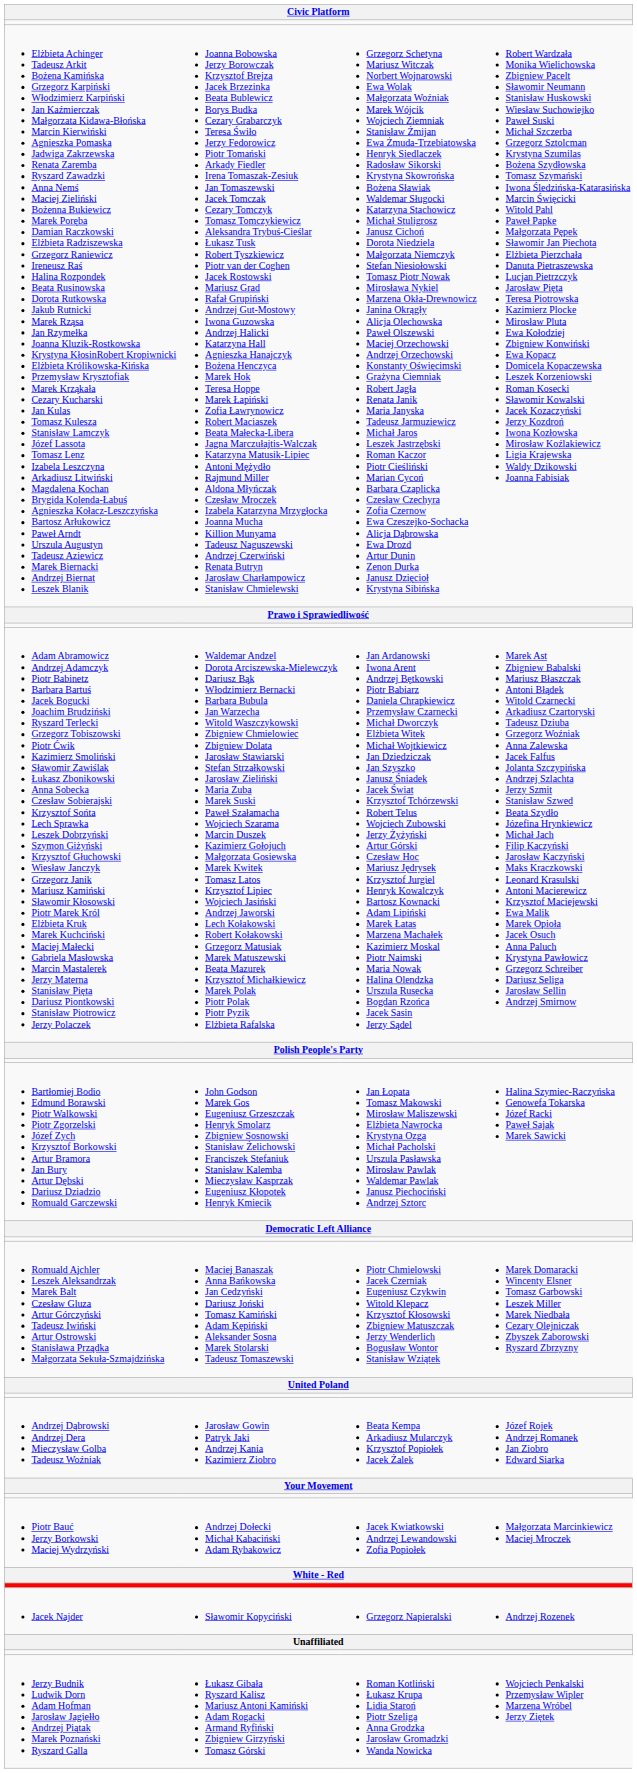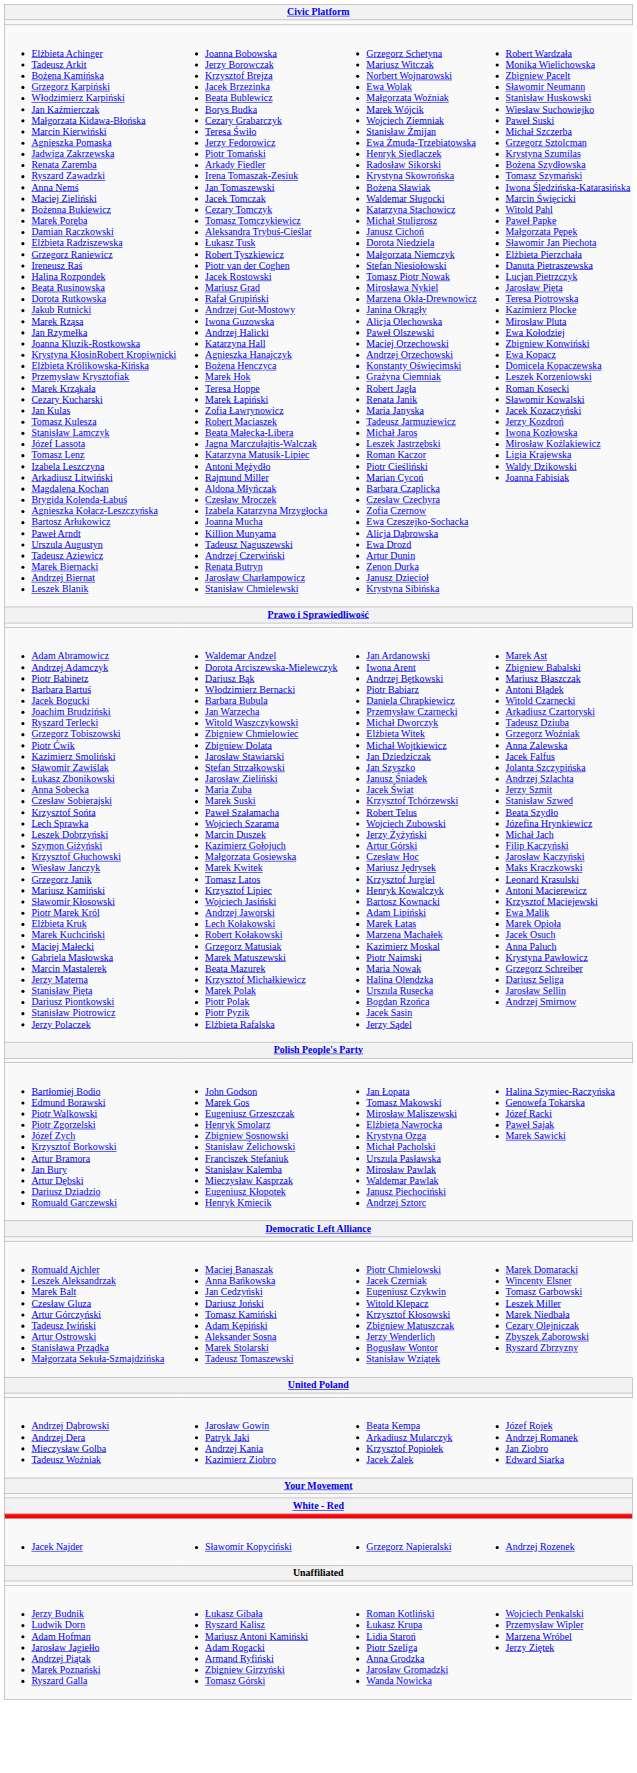 <table class="wikitable">
 <tr>
 <th colspan=4><strong><a href='#'>Civic Platform</a></strong></th>
 </tr>
 <tr>
 <td colspan=4 style="background:"></td>
 </tr>
 <tr>
 <td style="border-right-style:hidden; vertical-align:top"><br><ul><li><a href='#'>Elżbieta Achinger</a></li><li><a href='#'>Tadeusz Arkit</a></li><li><a href='#'>Bożena Kamińska</a></li><li><a href='#'>Grzegorz Karpiński</a></li><li><a href='#'>Włodzimierz Karpiński</a></li><li><a href='#'>Jan Kaźmierczak</a></li><li><a href='#'>Małgorzata Kidawa-Błońska</a></li><li><a href='#'>Marcin Kierwiński</a></li><li><a href='#'>Agnieszka Pomaska</a></li><li><a href='#'>Jadwiga Zakrzewska</a></li><li><a href='#'>Renata Zaremba</a></li><li><a href='#'>Ryszard Zawadzki</a></li><li><a href='#'>Anna Nemś</a></li><li><a href='#'>Maciej Zieliński</a></li><li><a href='#'>Bożenna Bukiewicz</a></li><li><a href='#'>Marek Poręba</a></li><li><a href='#'>Damian Raczkowski</a></li><li><a href='#'>Elżbieta Radziszewska</a></li><li><a href='#'>Grzegorz Raniewicz</a></li><li><a href='#'>Ireneusz Raś</a></li><li><a href='#'>Halina Rozpondek</a></li><li><a href='#'>Beata Rusinowska</a></li><li><a href='#'>Dorota Rutkowska</a></li><li><a href='#'>Jakub Rutnicki</a></li><li><a href='#'>Marek Rząsa</a></li><li><a href='#'>Jan Rzymełka</a></li><li><a href='#'>Joanna Kluzik-Rostkowska</a></li><li><a href='#'>Krystyna Kłosin</a><a href='#'>Robert Kropiwnicki</a></li><li><a href='#'>Elżbieta Królikowska-Kińska</a></li><li><a href='#'>Przemysław Krysztofiak</a></li><li><a href='#'>Marek Krząkała</a></li><li><a href='#'>Cezary Kucharski</a></li><li><a href='#'>Jan Kulas</a></li><li><a href='#'>Tomasz Kulesza</a></li><li><a href='#'>Stanisław Lamczyk</a></li><li><a href='#'>Józef Lassota</a></li><li><a href='#'>Tomasz Lenz</a></li><li><a href='#'>Izabela Leszczyna</a></li><li><a href='#'>Arkadiusz Litwiński</a></li><li><a href='#'>Magdalena Kochan</a></li><li><a href='#'>Brygida Kolenda-Łabuś</a></li><li><a href='#'>Agnieszka Kołacz-Leszczyńska</a></li><li><a href='#'>Bartosz Arłukowicz</a></li><li><a href='#'>Paweł Arndt</a></li><li><a href='#'>Urszula Augustyn</a></li><li><a href='#'>Tadeusz Aziewicz</a></li><li><a href='#'>Marek Biernacki</a></li><li><a href='#'>Andrzej Biernat</a></li><li><a href='#'>Leszek Blanik</a></li></ul></td>
 <td style="border-right-style:hidden; vertical-align:top"><br><ul><li><a href='#'>Joanna Bobowska</a></li><li><a href='#'>Jerzy Borowczak</a></li><li><a href='#'>Krzysztof Brejza</a></li><li><a href='#'>Jacek Brzezinka</a></li><li><a href='#'>Beata Bublewicz</a></li><li><a href='#'>Borys Budka</a></li><li><a href='#'>Cezary Grabarczyk</a></li><li><a href='#'>Teresa Świło</a></li><li><a href='#'>Jerzy Fedorowicz</a></li><li><a href='#'>Piotr Tomański</a></li><li><a href='#'>Arkady Fiedler</a></li><li><a href='#'>Irena Tomaszak-Zesiuk</a></li><li><a href='#'>Jan Tomaszewski</a></li><li><a href='#'>Jacek Tomczak</a></li><li><a href='#'>Cezary Tomczyk</a></li><li><a href='#'>Tomasz Tomczykiewicz</a></li><li><a href='#'>Aleksandra Trybuś-Cieślar</a></li><li><a href='#'>Łukasz Tusk</a></li><li><a href='#'>Robert Tyszkiewicz</a></li><li><a href='#'>Piotr van der Coghen</a></li><li><a href='#'>Jacek Rostowski</a></li><li><a href='#'>Mariusz Grad</a></li><li><a href='#'>Rafał Grupiński</a></li><li><a href='#'>Andrzej Gut-Mostowy</a></li><li><a href='#'>Iwona Guzowska</a></li><li><a href='#'>Andrzej Halicki</a></li><li><a href='#'>Katarzyna Hall</a></li><li><a href='#'>Agnieszka Hanajczyk</a></li><li><a href='#'>Bożena Henczyca</a></li><li><a href='#'>Marek Hok</a></li><li><a href='#'>Teresa Hoppe</a></li><li><a href='#'>Marek Łapiński</a></li><li><a href='#'>Zofia Ławrynowicz</a></li><li><a href='#'>Robert Maciaszek</a></li><li><a href='#'>Beata Małecka-Libera</a></li><li><a href='#'>Jagna Marczułajtis-Walczak</a></li><li><a href='#'>Katarzyna Matusik-Lipiec</a></li><li><a href='#'>Antoni Mężydło</a></li><li><a href='#'>Rajmund Miller</a></li><li><a href='#'>Aldona Młyńczak</a></li><li><a href='#'>Czesław Mroczek</a></li><li><a href='#'>Izabela Katarzyna Mrzygłocka</a></li><li><a href='#'>Joanna Mucha</a></li><li><a href='#'>Killion Munyama</a></li><li><a href='#'>Tadeusz Naguszewski</a></li><li><a href='#'>Andrzej Czerwiński</a></li><li><a href='#'>Renata Butryn</a></li><li><a href='#'>Jarosław Charłampowicz</a></li><li><a href='#'>Stanisław Chmielewski</a></li></ul></td>
 <td style="border-right-style:hidden; vertical-align:top"><br><ul><li><a href='#'>Grzegorz Schetyna</a></li><li><a href='#'>Mariusz Witczak</a></li><li><a href='#'>Norbert Wojnarowski</a></li><li><a href='#'>Ewa Wolak</a></li><li><a href='#'>Małgorzata Woźniak</a></li><li><a href='#'>Marek Wójcik</a></li><li><a href='#'>Wojciech Ziemniak</a></li><li><a href='#'>Stanisław Żmijan</a></li><li><a href='#'>Ewa Żmuda-Trzebiatowska</a></li><li><a href='#'>Henryk Siedlaczek</a></li><li><a href='#'>Radosław Sikorski</a></li><li><a href='#'>Krystyna Skowrońska</a></li><li><a href='#'>Bożena Sławiak</a></li><li><a href='#'>Waldemar Sługocki</a></li><li><a href='#'>Katarzyna Stachowicz</a></li><li><a href='#'>Michał Stuligrosz</a></li><li><a href='#'>Janusz Cichoń</a></li><li><a href='#'>Dorota Niedziela</a></li><li><a href='#'>Małgorzata Niemczyk</a></li><li><a href='#'>Stefan Niesiołowski</a></li><li><a href='#'>Tomasz Piotr Nowak</a></li><li><a href='#'>Mirosława Nykiel</a></li><li><a href='#'>Marzena Okła-Drewnowicz</a></li><li><a href='#'>Janina Okrągły</a></li><li><a href='#'>Alicja Olechowska</a></li><li><a href='#'>Paweł Olszewski</a></li><li><a href='#'>Maciej Orzechowski</a></li><li><a href='#'>Andrzej Orzechowski</a></li><li><a href='#'>Konstanty Oświęcimski</a></li><li><a href='#'>Grażyna Ciemniak</a></li><li><a href='#'>Robert Jagła</a></li><li><a href='#'>Renata Janik</a></li><li><a href='#'>Maria Janyska</a></li><li><a href='#'>Tadeusz Jarmuziewicz</a></li><li><a href='#'>Michał Jaros</a></li><li><a href='#'>Leszek Jastrzębski</a></li><li><a href='#'>Roman Kaczor</a></li><li><a href='#'>Piotr Cieśliński</a></li><li><a href='#'>Marian Cycoń</a></li><li><a href='#'>Barbara Czaplicka</a></li><li><a href='#'>Czesław Czechyra</a></li><li><a href='#'>Zofia Czernow</a></li><li><a href='#'>Ewa Czeszejko-Sochacka</a></li><li><a href='#'>Alicja Dąbrowska</a></li><li><a href='#'>Ewa Drozd</a></li><li><a href='#'>Artur Dunin</a></li><li><a href='#'>Zenon Durka</a></li><li><a href='#'>Janusz Dzięcioł</a></li><li><a href='#'>Krystyna Sibińska</a></li></ul></td>
 <td style="border-right-style:hidden; vertical-align:top"><br><ul><li><a href='#'>Robert Wardzała</a></li><li><a href='#'>Monika Wielichowska</a></li><li><a href='#'>Zbigniew Pacelt</a></li><li><a href='#'>Sławomir Neumann</a></li><li><a href='#'>Stanisław Huskowski</a></li><li><a href='#'>Wiesław Suchowiejko</a></li><li><a href='#'>Paweł Suski</a></li><li><a href='#'>Michał Szczerba</a></li><li><a href='#'>Grzegorz Sztolcman</a></li><li><a href='#'>Krystyna Szumilas</a></li><li><a href='#'>Bożena Szydłowska</a></li><li><a href='#'>Tomasz Szymański</a></li><li><a href='#'>Iwona Śledzińska-Katarasińska</a></li><li><a href='#'>Marcin Święcicki</a></li><li><a href='#'>Witold Pahl</a></li><li><a href='#'>Paweł Papke</a></li><li><a href='#'>Małgorzata Pępek</a></li><li><a href='#'>Sławomir Jan Piechota</a></li><li><a href='#'>Elżbieta Pierzchała</a></li><li><a href='#'>Danuta Pietraszewska</a></li><li><a href='#'>Lucjan Pietrzczyk</a></li><li><a href='#'>Jarosław Pięta</a></li><li><a href='#'>Teresa Piotrowska</a></li><li><a href='#'>Kazimierz Plocke</a></li><li><a href='#'>Mirosław Pluta</a></li><li><a href='#'>Ewa Kołodziej</a></li><li><a href='#'>Zbigniew Konwiński</a></li><li><a href='#'>Ewa Kopacz</a></li><li><a href='#'>Domicela Kopaczewska</a></li><li><a href='#'>Leszek Korzeniowski</a></li><li><a href='#'>Roman Kosecki</a></li><li><a href='#'>Sławomir Kowalski</a></li><li><a href='#'>Jacek Kozaczyński</a></li><li><a href='#'>Jerzy Kozdroń</a></li><li><a href='#'>Iwona Kozłowska</a></li><li><a href='#'>Mirosław Koźlakiewicz</a></li><li><a href='#'>Ligia Krajewska</a></li><li><a href='#'>Waldy Dzikowski</a></li><li><a href='#'>Joanna Fabisiak</a></li></ul></td>
 </tr>
 <tr>
 <th colspan=4><strong><a href='#'>Prawo i Sprawiedliwość</a></strong></th>
 </tr>
 <tr>
 <td colspan=4 style="background:"></td>
 </tr>
 <tr>
 <td style="border-right-style:hidden; vertical-align:top"><br><ul><li><a href='#'>Adam Abramowicz</a></li><li><a href='#'>Andrzej Adamczyk</a></li><li><a href='#'>Piotr Babinetz</a></li><li><a href='#'>Barbara Bartuś</a></li><li><a href='#'>Jacek Bogucki</a></li><li><a href='#'>Joachim Brudziński</a></li><li><a href='#'>Ryszard Terlecki</a></li><li><a href='#'>Grzegorz Tobiszowski</a></li><li><a href='#'>Piotr Ćwik</a></li><li><a href='#'>Kazimierz Smoliński</a></li><li><a href='#'>Sławomir Zawiślak</a></li><li><a href='#'>Łukasz Zbonikowski</a></li><li><a href='#'>Anna Sobecka</a></li><li><a href='#'>Czesław Sobierajski</a></li><li><a href='#'>Krzysztof Sońta</a></li><li><a href='#'>Lech Sprawka</a></li><li><a href='#'>Leszek Dobrzyński</a></li><li><a href='#'>Szymon Giżyński</a></li><li><a href='#'>Krzysztof Głuchowski</a></li><li><a href='#'>Wiesław Janczyk</a></li><li><a href='#'>Grzegorz Janik</a></li><li><a href='#'>Mariusz Kamiński</a></li><li><a href='#'>Sławomir Kłosowski</a></li><li><a href='#'>Piotr Marek Król</a></li><li><a href='#'>Elżbieta Kruk</a></li><li><a href='#'>Marek Kuchciński</a></li><li><a href='#'>Maciej Małecki</a></li><li><a href='#'>Gabriela Masłowska</a></li><li><a href='#'>Marcin Mastalerek</a></li><li><a href='#'>Jerzy Materna</a></li><li><a href='#'>Stanisław Pięta</a></li><li><a href='#'>Dariusz Piontkowski</a></li><li><a href='#'>Stanisław Piotrowicz</a></li><li><a href='#'>Jerzy Polaczek</a></li></ul></td>
 <td style="border-right-style:hidden; vertical-align:top"><br><ul><li><a href='#'>Waldemar Andzel</a></li><li><a href='#'>Dorota Arciszewska-Mielewczyk</a></li><li><a href='#'>Dariusz Bąk</a></li><li><a href='#'>Włodzimierz Bernacki</a></li><li><a href='#'>Barbara Bubula</a></li><li><a href='#'>Jan Warzecha</a></li><li><a href='#'>Witold Waszczykowski</a></li><li><a href='#'>Zbigniew Chmielowiec</a></li><li><a href='#'>Zbigniew Dolata</a></li><li><a href='#'>Jarosław Stawiarski</a></li><li><a href='#'>Stefan Strzałkowski</a></li><li><a href='#'>Jarosław Zieliński</a></li><li><a href='#'>Maria Zuba</a></li><li><a href='#'>Marek Suski</a></li><li><a href='#'>Paweł Szałamacha</a></li><li><a href='#'>Wojciech Szarama</a></li><li><a href='#'>Marcin Duszek</a></li><li><a href='#'>Kazimierz Gołojuch</a></li><li><a href='#'>Małgorzata Gosiewska</a></li><li><a href='#'>Marek Kwitek</a></li><li><a href='#'>Tomasz Latos</a></li><li><a href='#'>Krzysztof Lipiec</a></li><li><a href='#'>Wojciech Jasiński</a></li><li><a href='#'>Andrzej Jaworski</a></li><li><a href='#'>Lech Kołakowski</a></li><li><a href='#'>Robert Kołakowski</a></li><li><a href='#'>Grzegorz Matusiak</a></li><li><a href='#'>Marek Matuszewski</a></li><li><a href='#'>Beata Mazurek</a></li><li><a href='#'>Krzysztof Michałkiewicz</a></li><li><a href='#'>Marek Polak</a></li><li><a href='#'>Piotr Polak</a></li><li><a href='#'>Piotr Pyzik</a></li><li><a href='#'>Elżbieta Rafalska</a></li></ul></td>
 <td style="border-right-style:hidden; vertical-align:top"><br><ul><li><a href='#'>Jan Ardanowski</a></li><li><a href='#'>Iwona Arent</a></li><li><a href='#'>Andrzej Bętkowski</a></li><li><a href='#'>Piotr Babiarz</a></li><li><a href='#'>Daniela Chrapkiewicz</a></li><li><a href='#'>Przemysław Czarnecki</a></li><li><a href='#'>Michał Dworczyk</a></li><li><a href='#'>Elżbieta Witek</a></li><li><a href='#'>Michał Wojtkiewicz</a></li><li><a href='#'>Jan Dziedziczak</a></li><li><a href='#'>Jan Szyszko</a></li><li><a href='#'>Janusz Śniadek</a></li><li><a href='#'>Jacek Świat</a></li><li><a href='#'>Krzysztof Tchórzewski</a></li><li><a href='#'>Robert Telus</a></li><li><a href='#'>Wojciech Zubowski</a></li><li><a href='#'>Jerzy Żyżyński</a></li><li><a href='#'>Artur Górski</a></li><li><a href='#'>Czesław Hoc</a></li><li><a href='#'>Mariusz Jędrysek</a></li><li><a href='#'>Krzysztof Jurgiel</a></li><li><a href='#'>Henryk Kowalczyk</a></li><li><a href='#'>Bartosz Kownacki</a></li><li><a href='#'>Adam Lipiński</a></li><li><a href='#'>Marek Łatas</a></li><li><a href='#'>Marzena Machałek</a></li><li><a href='#'>Kazimierz Moskal</a></li><li><a href='#'>Piotr Naimski</a></li><li><a href='#'>Maria Nowak</a></li><li><a href='#'>Halina Olendzka</a></li><li><a href='#'>Urszula Rusecka</a></li><li><a href='#'>Bogdan Rzońca</a></li><li><a href='#'>Jacek Sasin</a></li><li><a href='#'>Jerzy Sądel</a></li></ul></td>
 <td style="border-right-style:hidden; vertical-align:top"><br><ul><li><a href='#'>Marek Ast</a></li><li><a href='#'>Zbigniew Babalski</a></li><li><a href='#'>Mariusz Błaszczak</a></li><li><a href='#'>Antoni Błądek</a></li><li><a href='#'>Witold Czarnecki</a></li><li><a href='#'>Arkadiusz Czartoryski</a></li><li><a href='#'>Tadeusz Dziuba</a></li><li><a href='#'>Grzegorz Woźniak</a></li><li><a href='#'>Anna Zalewska</a></li><li><a href='#'>Jacek Falfus</a></li><li><a href='#'>Jolanta Szczypińska</a></li><li><a href='#'>Andrzej Szlachta</a></li><li><a href='#'>Jerzy Szmit</a></li><li><a href='#'>Stanisław Szwed</a></li><li><a href='#'>Beata Szydło</a></li><li><a href='#'>Józefina Hrynkiewicz</a></li><li><a href='#'>Michał Jach</a></li><li><a href='#'>Filip Kaczyński</a></li><li><a href='#'>Jarosław Kaczyński</a></li><li><a href='#'>Maks Kraczkowski</a></li><li><a href='#'>Leonard Krasulski</a></li><li><a href='#'>Antoni Macierewicz</a></li><li><a href='#'>Krzysztof Maciejewski</a></li><li><a href='#'>Ewa Malik</a></li><li><a href='#'>Marek Opioła</a></li><li><a href='#'>Jacek Osuch</a></li><li><a href='#'>Anna Paluch</a></li><li><a href='#'>Krystyna Pawłowicz</a></li><li><a href='#'>Grzegorz Schreiber</a></li><li><a href='#'>Dariusz Seliga</a></li><li><a href='#'>Jarosław Sellin</a></li><li><a href='#'>Andrzej Smirnow</a></li></ul></td>
 </tr>
 <tr>
 <th colspan=4><strong><a href='#'>Polish People's Party</a></strong></th>
 </tr>
 <tr>
 <td colspan=4 style="background:"></td>
 </tr>
 <tr>
 <td style="border-right-style:hidden; vertical-align:top"><br><ul><li><a href='#'>Bartłomiej Bodio</a></li><li><a href='#'>Edmund Borawski</a></li><li><a href='#'>Piotr Walkowski</a></li><li><a href='#'>Piotr Zgorzelski</a></li><li><a href='#'>Józef Zych</a></li><li><a href='#'>Krzysztof Borkowski</a></li><li><a href='#'>Artur Bramora</a></li><li><a href='#'>Jan Bury</a></li><li><a href='#'>Artur Dębski</a></li><li><a href='#'>Dariusz Dziadzio</a></li><li><a href='#'>Romuald Garczewski</a></li></ul></td>
 <td style="border-right-style:hidden; vertical-align:top"><br><ul><li><a href='#'>John Godson</a></li><li><a href='#'>Marek Gos</a></li><li><a href='#'>Eugeniusz Grzeszczak</a></li><li><a href='#'>Henryk Smolarz</a></li><li><a href='#'>Zbigniew Sosnowski</a></li><li><a href='#'>Stanisław Żelichowski</a></li><li><a href='#'>Franciszek Stefaniuk</a></li><li><a href='#'>Stanisław Kalemba</a></li><li><a href='#'>Mieczysław Kasprzak</a></li><li><a href='#'>Eugeniusz Kłopotek</a></li><li><a href='#'>Henryk Kmiecik</a></li></ul></td>
 <td style="border-right-style:hidden; vertical-align:top"><br><ul><li><a href='#'>Jan Łopata</a></li><li><a href='#'>Tomasz Makowski</a></li><li><a href='#'>Mirosław Maliszewski</a></li><li><a href='#'>Elżbieta Nawrocka</a></li><li><a href='#'>Krystyna Ozga</a></li><li><a href='#'>Michał Pacholski</a></li><li><a href='#'>Urszula Pasławska</a></li><li><a href='#'>Mirosław Pawlak</a></li><li><a href='#'>Waldemar Pawlak</a></li><li><a href='#'>Janusz Piechociński</a></li><li><a href='#'>Andrzej Sztorc</a></li></ul></td>
 <td style="border-right-style:hidden; vertical-align:top"><br><ul><li><a href='#'>Halina Szymiec-Raczyńska</a></li><li><a href='#'>Genowefa Tokarska</a></li><li><a href='#'>Józef Racki</a></li><li><a href='#'>Paweł Sajak</a></li><li><a href='#'>Marek Sawicki</a></li></ul></td>
 </tr>
 <tr>
 <th colspan=4><strong><a href='#'>Democratic Left Alliance</a></strong></th>
 </tr>
 <tr>
 <td colspan=4 style="background:"></td>
 </tr>
 <tr>
 <td style="border-right-style:hidden; vertical-align:top"><br><ul><li><a href='#'>Romuald Ajchler</a></li><li><a href='#'>Leszek Aleksandrzak</a></li><li><a href='#'>Marek Balt</a></li><li><a href='#'>Czesław Gluza</a></li><li><a href='#'>Artur Górczyński</a></li><li><a href='#'>Tadeusz Iwiński</a></li><li><a href='#'>Artur Ostrowski</a></li><li><a href='#'>Stanisława Prządka</a></li><li><a href='#'>Małgorzata Sekuła-Szmajdzińska</a></li></ul></td>
 <td style="border-right-style:hidden; vertical-align:top"><br><ul><li><a href='#'>Maciej Banaszak</a></li><li><a href='#'>Anna Bańkowska</a></li><li><a href='#'>Jan Cedzyński</a></li><li><a href='#'>Dariusz Joński</a></li><li><a href='#'>Tomasz Kamiński</a></li><li><a href='#'>Adam Kępiński</a></li><li><a href='#'>Aleksander Sosna</a></li><li><a href='#'>Marek Stolarski</a></li><li><a href='#'>Tadeusz Tomaszewski</a></li></ul></td>
 <td style="border-right-style:hidden; vertical-align:top"><br><ul><li><a href='#'>Piotr Chmielowski</a></li><li><a href='#'>Jacek Czerniak</a></li><li><a href='#'>Eugeniusz Czykwin</a></li><li><a href='#'>Witold Klepacz</a></li><li><a href='#'>Krzysztof Kłosowski</a></li><li><a href='#'>Zbigniew Matuszczak</a></li><li><a href='#'>Jerzy Wenderlich</a></li><li><a href='#'>Bogusław Wontor</a></li><li><a href='#'>Stanisław Wziątek</a></li></ul></td>
 <td style="border-right-style:hidden; vertical-align:top"><br><ul><li><a href='#'>Marek Domaracki</a></li><li><a href='#'>Wincenty Elsner</a></li><li><a href='#'>Tomasz Garbowski</a></li><li><a href='#'>Leszek Miller</a></li><li><a href='#'>Marek Niedbała</a></li><li><a href='#'>Cezary Olejniczak</a></li><li><a href='#'>Zbyszek Zaborowski</a></li><li><a href='#'>Ryszard Zbrzyzny</a></li></ul></td>
 </tr>
 <tr>
 <th colspan=4><strong><a href='#'>United Poland</a></strong></th>
 </tr>
 <tr>
 <td colspan=4 style="background:"></td>
 </tr>
 <tr>
 <td style="border-right-style:hidden; vertical-align:top"><br><ul><li><a href='#'>Andrzej Dąbrowski</a></li><li><a href='#'>Andrzej Dera</a></li><li><a href='#'>Mieczysław Golba</a></li><li><a href='#'>Tadeusz Woźniak</a></li></ul></td>
 <td style="border-right-style:hidden; vertical-align:top"><br><ul><li><a href='#'>Jarosław Gowin</a></li><li><a href='#'>Patryk Jaki</a></li><li><a href='#'>Andrzej Kania</a></li><li><a href='#'>Kazimierz Ziobro</a></li></ul></td>
 <td style="border-right-style:hidden; vertical-align:top"><br><ul><li><a href='#'>Beata Kempa</a></li><li><a href='#'>Arkadiusz Mularczyk</a></li><li><a href='#'>Krzysztof Popiołek</a></li><li><a href='#'>Jacek Żalek</a></li></ul></td>
 <td style="border-right-style:hidden; vertical-align:top"><br><ul><li><a href='#'>Józef Rojek</a></li><li><a href='#'>Andrzej Romanek</a></li><li><a href='#'>Jan Ziobro</a></li><li><a href='#'>Edward Siarka</a></li></ul></td>
 </tr>
 <tr>
 <th colspan=4><strong><a href='#'>Your Movement</a></strong></th>
 </tr>
 <tr>
 <td colspan=4 style="background:"></td>
 </tr>
 <tr>
-<td style="border-right-style:hidden; vertical-align:top"><br><ul><li><a href='#'>Piotr Bauć</a></li><li><a href='#'>Jerzy Borkowski</a></li><li><a href='#'>Maciej Wydrzyński</a></li></ul></td>
-<td style="border-right-style:hidden; vertical-align:top"><br><ul><li><a href='#'>Andrzej Dołecki</a></li><li><a href='#'>Michał Kabaciński</a></li><li><a href='#'>Adam Rybakowicz</a></li></ul></td>
-<td style="border-right-style:hidden; vertical-align:top"><br><ul><li><a href='#'>Jacek Kwiatkowski</a></li><li><a href='#'>Andrzej Lewandowski</a></li><li><a href='#'>Zofia Popiołek</a></li></ul></td>
-<td style="border-right-style:hidden; vertical-align:top"><br><ul><li><a href='#'>Małgorzata Marcinkiewicz</a></li><li><a href='#'>Maciej Mroczek</a></li></ul></td>
-</tr>
-<tr>
 <th colspan=4><strong><a href='#'>White - Red</a></strong></th>
 </tr>
 <tr>
 <td colspan=4 style="background:#FF0000;"></td>
 </tr>
 <tr>
 <td style="border-right-style:hidden; vertical-align:top"><br><ul><li><a href='#'>Jacek Najder</a></li></ul></td>
 <td style="border-right-style:hidden; vertical-align:top"><br><ul><li><a href='#'>Sławomir Kopyciński</a></li></ul></td>
 <td style="border-right-style:hidden; vertical-align:top"><br><ul><li><a href='#'>Grzegorz Napieralski</a></li></ul></td>
 <td style="border-right-style:hidden; vertical-align:top"><br><ul><li><a href='#'>Andrzej Rozenek</a></li></ul></td>
 </tr>
 <tr>
 <th colspan=4>Unaffiliated</th>
 </tr>
 <tr>
 <td colspan=4 style="background:"></td>
 </tr>
 <tr>
 <td style="border-right-style:hidden; vertical-align:top"><br><ul><li><a href='#'>Jerzy Budnik</a></li><li><a href='#'>Ludwik Dorn</a></li><li><a href='#'>Adam Hofman</a></li><li><a href='#'>Jarosław Jagiełło</a></li><li><a href='#'>Andrzej Piątak</a></li><li><a href='#'>Marek Poznański</a></li><li><a href='#'>Ryszard Galla</a></li></ul></td>
 <td style="border-right-style:hidden; vertical-align:top"><br><ul><li><a href='#'>Łukasz Gibała</a></li><li><a href='#'>Ryszard Kalisz</a></li><li><a href='#'>Mariusz Antoni Kamiński</a></li><li><a href='#'>Adam Rogacki</a></li><li><a href='#'>Armand Ryfiński</a></li><li><a href='#'>Zbigniew Girzyński</a></li><li><a href='#'>Tomasz Górski</a></li></ul></td>
 <td style="border-right-style:hidden; vertical-align:top"><br><ul><li><a href='#'>Roman Kotliński</a></li><li><a href='#'>Łukasz Krupa</a></li><li><a href='#'>Lidia Staroń</a></li><li><a href='#'>Piotr Szeliga</a></li><li><a href='#'>Anna Grodzka</a></li><li><a href='#'>Jarosław Gromadzki</a></li><li><a href='#'>Wanda Nowicka</a></li></ul></td>
 <td style="border-right-style:hidden; vertical-align:top"><br><ul><li><a href='#'>Wojciech Penkalski</a></li><li><a href='#'>Przemysław Wipler</a></li><li><a href='#'>Marzena Wróbel</a></li><li><a href='#'>Jerzy Ziętek</a></li></ul></td>
 </tr>
 </table>
